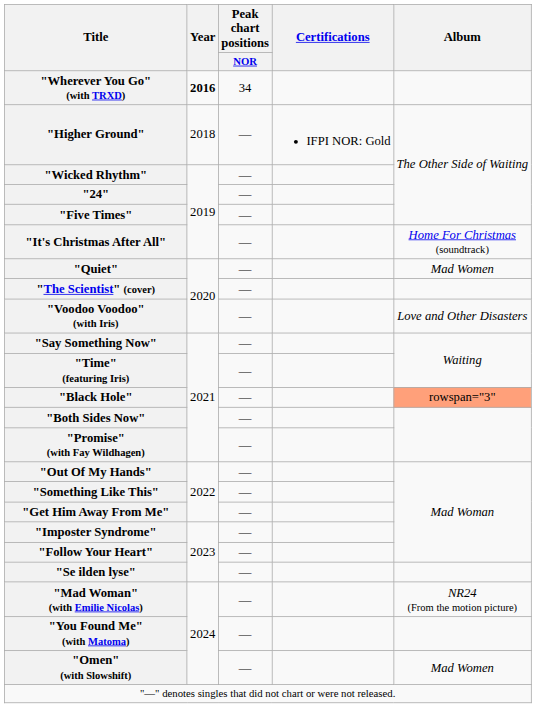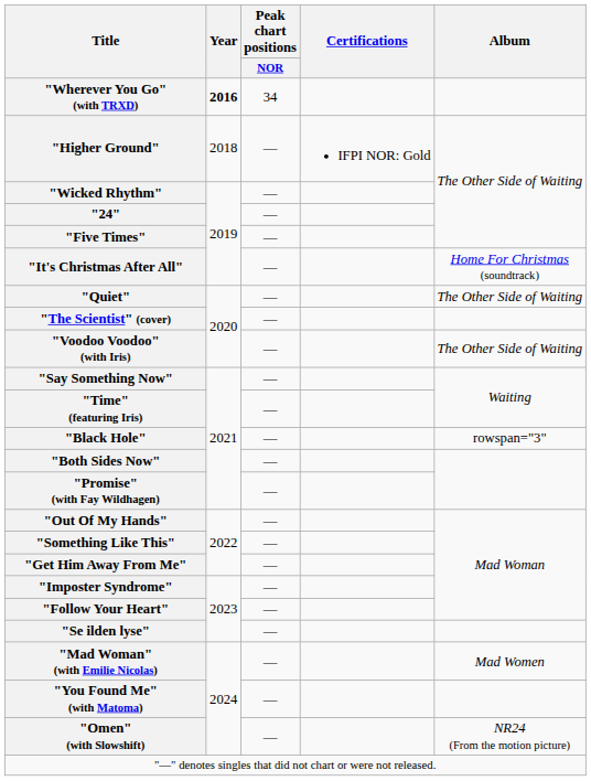 <table class="wikitable plainrowheaders" style="text-align:center;">
 <tr>
 <th scope="col" rowspan="2" style="width:14em;">Title</th>
 <th scope="col" rowspan="2" style="width:2em;">Year</th>
 <th scope="col" colspan="1">Peak chart positions</th>
 <th scope="col" rowspan="2"><a href='#'>Certifications</a></th>
 <th scope="col" rowspan="2">Album</th>
 </tr>
 <tr>
 <th scope="col" style="width:3.5em;font-size:85%"><a href='#'>NOR</a><br></th>
 </tr>
 <tr>
 <th scope="row">"Wherever You Go"<br><small>(with <a href='#'>TRXD</a>)</small></th>
 <td><strong>2016</strong></td>
 <td>34<br></td>
 <td></td>
 <td></td>
 </tr>
 <tr>
 <th scope="row">"Higher Ground"</th>
 <td>2018</td>
 <td>—</td>
 <td><br><ul><li>IFPI NOR: Gold</li></ul></td>
 <td rowspan="4"><em>The Other Side of Waiting</em></td>
 </tr>
 <tr>
 <th scope="row">"Wicked Rhythm"</th>
 <td rowspan="4">2019</td>
 <td>—</td>
 <td></td>
 </tr>
 <tr>
 <th scope="row">"24"</th>
 <td>—</td>
 <td></td>
 </tr>
 <tr>
 <th scope="row">"Five Times"</th>
 <td>—</td>
 <td></td>
 </tr>
 <tr>
 <th scope="row">"It's Christmas After All"</th>
 <td>—</td>
 <td></td>
 <td><em><a href='#'>Home For Christmas</a></em><br><small>(soundtrack)</small></td>
 </tr>
 <tr>
 <th scope="row">"Quiet"</th>
 <td rowspan="3">2020</td>
 <td>—</td>
 <td></td>
-<td><em>Mad Women</em></td>
+<td><em>The Other Side of Waiting</em></td>
 </tr>
 <tr>
 <th scope="row">"<a href='#'>The Scientist</a>" <small>(cover)</small></th>
 <td>—</td>
 <td></td>
 <td></td>
 </tr>
 <tr>
 <th scope="row">"Voodoo Voodoo"<br><small>(with Iris)</small></th>
 <td>—</td>
 <td></td>
-<td><em>Love and Other Disasters</em></td>
+<td><em>The Other Side of Waiting</em></td>
 </tr>
 <tr>
 <th scope="row">"Say Something Now"</th>
 <td rowspan="5">2021</td>
 <td>—</td>
 <td></td>
 <td rowspan="2"><em>Waiting</em></td>
 </tr>
 <tr>
 <th scope="row">"Time"<br><small>(featuring Iris)</small></th>
 <td>—</td>
 <td></td>
 </tr>
 <tr>
 <th scope="row">"Black Hole"</th>
 <td>—</td>
 <td></td>
-<td style="background: lightsalmon;">rowspan="3" </td>
+<td>rowspan="3" </td>
 </tr>
 <tr>
 <th scope="row">"Both Sides Now"</th>
 <td>—</td>
 <td></td>
 </tr>
 <tr>
 <th scope="row">"Promise"<br><small>(with Fay Wildhagen)</small></th>
 <td>—</td>
 <td></td>
 </tr>
 <tr>
 <th scope="row">"Out Of My Hands"</th>
 <td rowspan="3">2022</td>
 <td>—</td>
 <td></td>
 <td rowspan="5"><em>Mad Woman</em></td>
 </tr>
 <tr>
 <th scope="row">"Something Like This"</th>
 <td>—</td>
 <td></td>
 </tr>
 <tr>
 <th scope="row">"Get Him Away From Me"</th>
 <td>—</td>
 <td></td>
 </tr>
 <tr>
 <th scope="row">"Imposter Syndrome"</th>
 <td rowspan="3">2023</td>
 <td>—</td>
 <td></td>
 </tr>
 <tr>
 <th scope="row">"Follow Your Heart"</th>
 <td>—</td>
 <td></td>
 </tr>
 <tr>
 <th scope="row">"Se ilden lyse"</th>
 <td>—</td>
 <td></td>
 <td></td>
 </tr>
 <tr>
 <th scope="row">"Mad Woman"<br><small>(with <a href='#'>Emilie Nicolas</a>)</small></th>
 <td rowspan="3">2024</td>
 <td>—</td>
 <td></td>
-<td><em>NR24</em><br><small>(From the motion picture)</small></td>
+<td><em>Mad Women</em></td>
 </tr>
 <tr>
 <th scope="row">"You Found Me"<br><small>(with <a href='#'>Matoma</a>)</small></th>
 <td>—</td>
 <td></td>
 <td></td>
 </tr>
 <tr>
 <th scope="row">"Omen"<br><small>(with Slowshift)</small></th>
 <td>—</td>
 <td></td>
-<td><em>Mad Women</em></td>
+<td><em>NR24</em><br><small>(From the motion picture)</small></td>
 </tr>
 <tr>
 <td colspan="5" style="font-size:85%">"—" denotes singles that did not chart or were not released.</td>
 </tr>
 </table>
